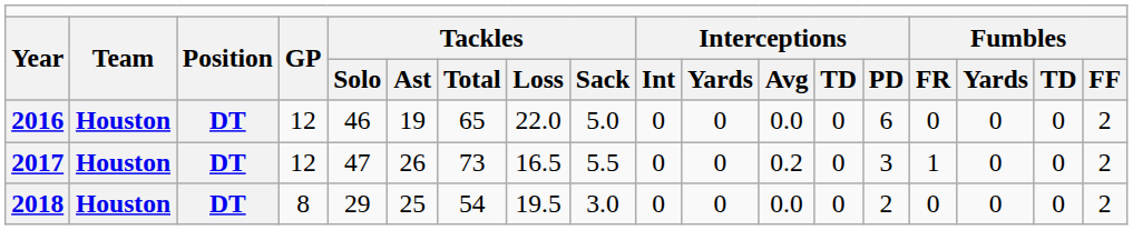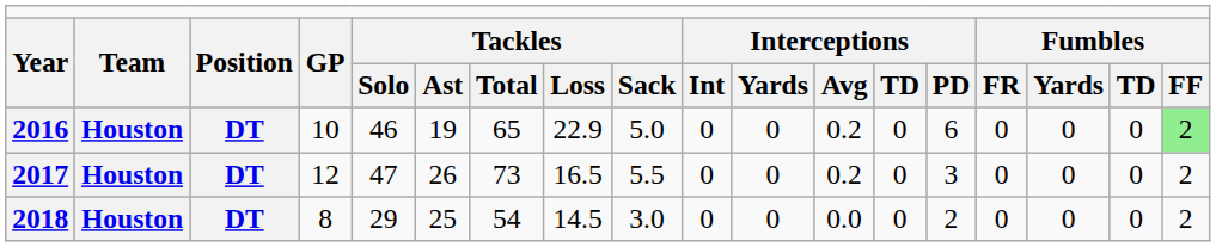 <table class="wikitable" style="text-align:center;">
 <tr>
 <td ! colspan="18"></td>
 </tr>
 <tr>
 <th rowspan="2">Year</th>
 <th rowspan="2">Team</th>
 <th rowspan="2">Position</th>
 <th rowspan="2">GP</th>
 <th colspan="5">Tackles</th>
 <th colspan="5">Interceptions</th>
 <th colspan="4">Fumbles</th>
 </tr>
 <tr>
 <th>Solo</th>
 <th>Ast</th>
 <th>Total</th>
 <th>Loss</th>
 <th>Sack</th>
 <th>Int</th>
 <th>Yards</th>
 <th>Avg</th>
 <th>TD</th>
 <th>PD</th>
 <th>FR</th>
 <th>Yards</th>
 <th>TD</th>
 <th>FF</th>
 </tr>
 <tr>
 <th><a href='#'>2016</a></th>
 <th><a href='#'>Houston</a></th>
 <th><a href='#'>DT</a></th>
-<td>12</td>
+<td>10</td>
 <td>46</td>
 <td>19</td>
 <td>65</td>
-<td>22.0</td>
+<td>22.9</td>
 <td>5.0</td>
 <td>0</td>
 <td>0</td>
-<td>0.0</td>
+<td>0.2</td>
 <td>0</td>
 <td>6</td>
 <td>0</td>
 <td>0</td>
 <td>0</td>
-<td>2</td>
+<td style="background: lightgreen;">2</td>
 </tr>
 <tr>
 <th><a href='#'>2017</a></th>
 <th><a href='#'>Houston</a></th>
 <th><a href='#'>DT</a></th>
 <td>12</td>
 <td>47</td>
 <td>26</td>
 <td>73</td>
 <td>16.5</td>
 <td>5.5</td>
 <td>0</td>
 <td>0</td>
 <td>0.2</td>
 <td>0</td>
 <td>3</td>
-<td>1</td>
+<td>0</td>
 <td>0</td>
 <td>0</td>
 <td>2</td>
 </tr>
 <tr>
 <th><a href='#'>2018</a></th>
 <th><a href='#'>Houston</a></th>
 <th><a href='#'>DT</a></th>
 <td>8</td>
 <td>29</td>
 <td>25</td>
 <td>54</td>
-<td>19.5</td>
+<td>14.5</td>
 <td>3.0</td>
 <td>0</td>
 <td>0</td>
 <td>0.0</td>
 <td>0</td>
 <td>2</td>
 <td>0</td>
 <td>0</td>
 <td>0</td>
 <td>2</td>
 </tr>
 </table>
